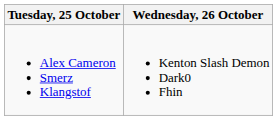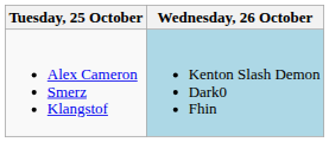 <table class="wikitable">
 <tr>
 <th>Tuesday, 25 October</th>
 <th>Wednesday, 26 October</th>
 </tr>
 <tr valign="top">
 <td><br><ul><li><a href='#'>Alex Cameron</a></li><li><a href='#'>Smerz</a></li><li><a href='#'>Klangstof</a></li></ul></td>
-<td><br><ul><li>Kenton Slash Demon</li><li>Dark0</li><li>Fhin</li></ul></td>
+<td style="background: lightblue;"><br><ul><li>Kenton Slash Demon</li><li>Dark0</li><li>Fhin</li></ul></td>
 </tr>
 </table>
